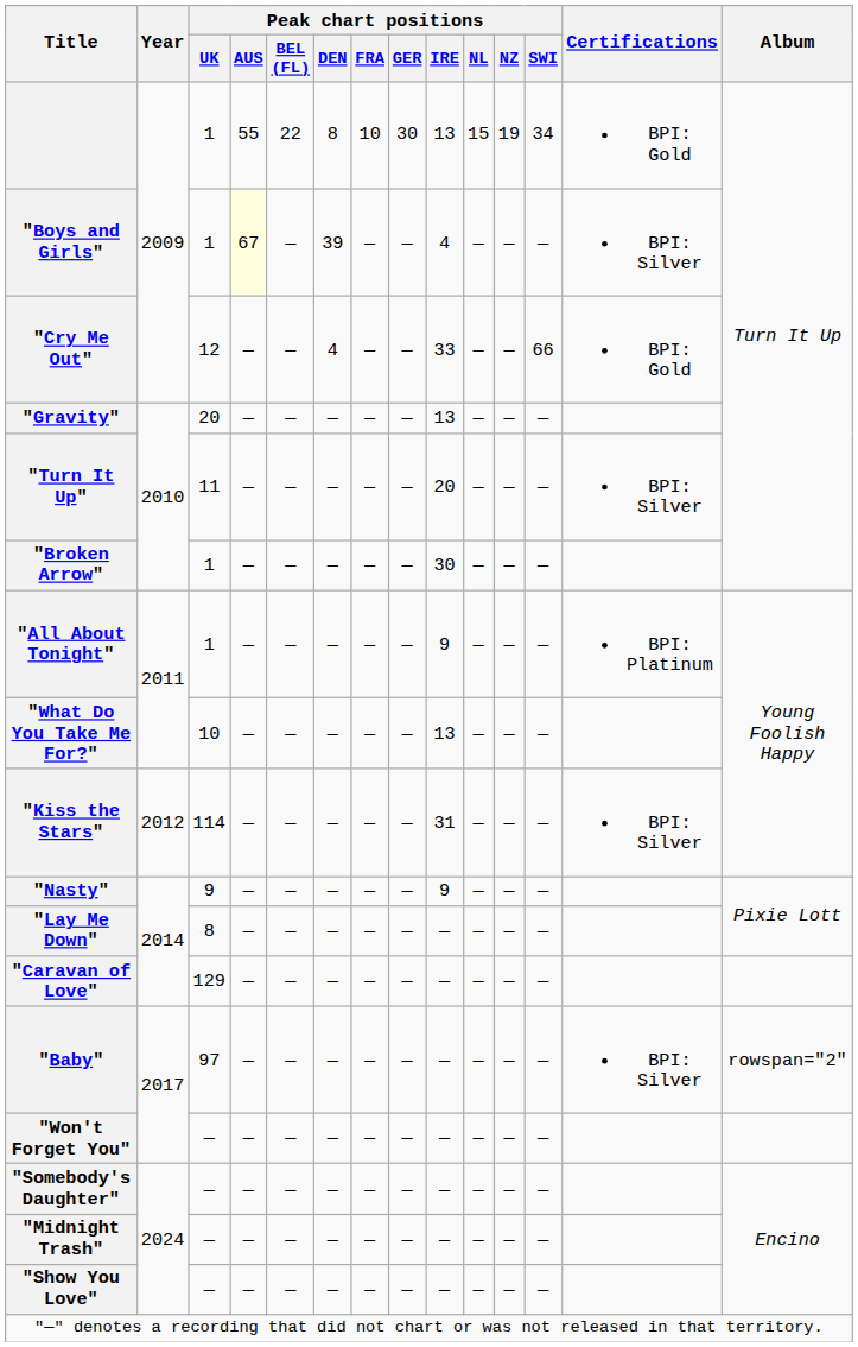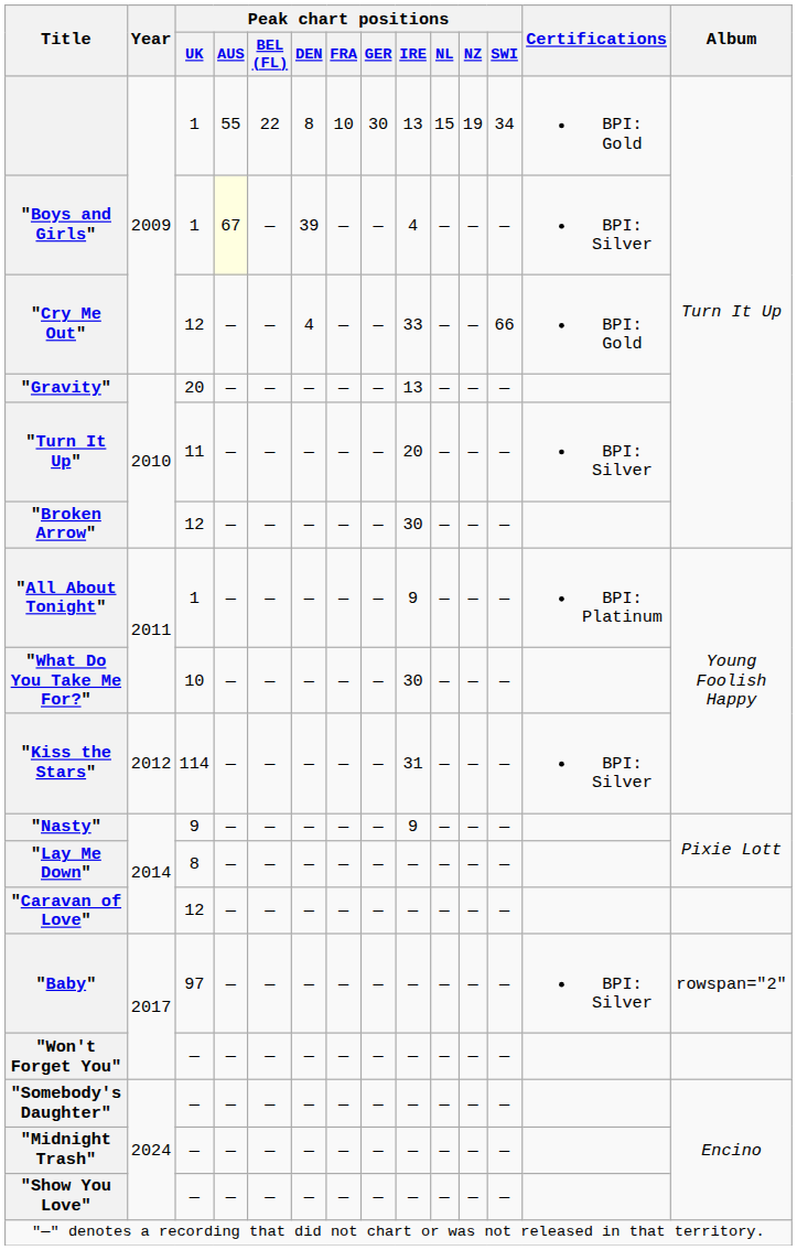 <table class="wikitable plainrowheaders" style="text-align:center">
 <tr>
 <th scope="col" rowspan="2" style="width:16em;">Title</th>
 <th scope="col" rowspan="2" style="width:1em;">Year</th>
 <th scope="col" colspan="10">Peak chart positions</th>
 <th scope="col" rowspan="2" style="width:10em;"><a href='#'>Certifications</a></th>
 <th scope="col" rowspan="2" style="width:12em;">Album</th>
 </tr>
 <tr>
 <th scope="col" style="width:2.5em;font-size:90%;"><a href='#'>UK</a><br></th>
 <th scope="col" style="width:2.5em;font-size:90%;"><a href='#'>AUS</a><br></th>
 <th scope="col" style="width:2.5em;font-size:90%;"><a href='#'>BEL<br>(FL)</a><br></th>
 <th scope="col" style="width:2.5em;font-size:90%;"><a href='#'>DEN</a><br></th>
 <th scope="col" style="width:2.5em;font-size:90%;"><a href='#'>FRA</a><br></th>
 <th scope="col" style="width:2.5em;font-size:90%;"><a href='#'>GER</a><br></th>
 <th scope="col" style="width:2.5em;font-size:90%;"><a href='#'>IRE</a><br></th>
 <th scope="col" style="width:2.5em;font-size:90%;"><a href='#'>NL</a><br></th>
 <th scope="col" style="width:2.5em;font-size:90%;"><a href='#'>NZ</a><br></th>
 <th scope="col" style="width:2.5em;font-size:90%;"><a href='#'>SWI</a><br></th>
 </tr>
 <tr>
 <th scope="row"></th>
 <td rowspan="3">2009</td>
 <td>1</td>
 <td>55</td>
 <td>22</td>
 <td>8</td>
 <td>10</td>
 <td>30</td>
 <td>13</td>
 <td>15</td>
 <td>19</td>
 <td>34</td>
 <td><br><ul><li>BPI: Gold</li></ul></td>
 <td rowspan="6"><em>Turn It Up</em></td>
 </tr>
 <tr>
 <th scope="row">"<a href='#'>Boys and Girls</a>"</th>
 <td>1</td>
 <td style="background: lightyellow;">67</td>
 <td>—</td>
 <td>39</td>
 <td>—</td>
 <td>—</td>
 <td>4</td>
 <td>—</td>
 <td>—</td>
 <td>—</td>
 <td><br><ul><li>BPI: Silver</li></ul></td>
 </tr>
 <tr>
 <th scope="row">"<a href='#'>Cry Me Out</a>"</th>
 <td>12</td>
 <td>—</td>
 <td>—</td>
 <td>4</td>
 <td>—</td>
 <td>—</td>
 <td>33</td>
 <td>—</td>
 <td>—</td>
 <td>66</td>
 <td><br><ul><li>BPI: Gold</li></ul></td>
 </tr>
 <tr>
 <th scope="row">"<a href='#'>Gravity</a>"</th>
 <td rowspan="3">2010</td>
 <td>20</td>
 <td>—</td>
 <td>—</td>
 <td>—</td>
 <td>—</td>
 <td>—</td>
 <td>13</td>
 <td>—</td>
 <td>—</td>
 <td>—</td>
 <td></td>
 </tr>
 <tr>
 <th scope="row">"<a href='#'>Turn It Up</a>"</th>
 <td>11</td>
 <td>—</td>
 <td>—</td>
 <td>—</td>
 <td>—</td>
 <td>—</td>
 <td>20</td>
 <td>—</td>
 <td>—</td>
 <td>—</td>
 <td><br><ul><li>BPI: Silver</li></ul></td>
 </tr>
 <tr>
 <th scope="row">"<a href='#'>Broken Arrow</a>"</th>
-<td>1</td>
+<td>12</td>
 <td>—</td>
 <td>—</td>
 <td>—</td>
 <td>—</td>
 <td>—</td>
 <td>30</td>
 <td>—</td>
 <td>—</td>
 <td>—</td>
 <td></td>
 </tr>
 <tr>
 <th scope="row">"<a href='#'>All About Tonight</a>"</th>
 <td rowspan="2">2011</td>
 <td>1</td>
 <td>—</td>
 <td>—</td>
 <td>—</td>
 <td>—</td>
 <td>—</td>
 <td>9</td>
 <td>—</td>
 <td>—</td>
 <td>—</td>
 <td><br><ul><li>BPI: Platinum</li></ul></td>
 <td rowspan="3"><em>Young Foolish Happy</em></td>
 </tr>
 <tr>
 <th scope="row">"<a href='#'>What Do You Take Me For?</a>"<br></th>
 <td>10</td>
 <td>—</td>
 <td>—</td>
 <td>—</td>
 <td>—</td>
 <td>—</td>
-<td>13</td>
+<td>30</td>
 <td>—</td>
 <td>—</td>
 <td>—</td>
 <td></td>
 </tr>
 <tr>
 <th scope="row">"<a href='#'>Kiss the Stars</a>"</th>
 <td>2012</td>
 <td>114</td>
 <td>—</td>
 <td>—</td>
 <td>—</td>
 <td>—</td>
 <td>—</td>
 <td>31</td>
 <td>—</td>
 <td>—</td>
 <td>—</td>
 <td><br><ul><li>BPI: Silver</li></ul></td>
 </tr>
 <tr>
 <th scope="row">"<a href='#'>Nasty</a>"</th>
 <td rowspan="3">2014</td>
 <td>9</td>
 <td>—</td>
 <td>—</td>
 <td>—</td>
 <td>—</td>
 <td>—</td>
 <td>9</td>
 <td>—</td>
 <td>—</td>
 <td>—</td>
 <td></td>
 <td rowspan="2"><em>Pixie Lott</em></td>
 </tr>
 <tr>
 <th scope="row">"<a href='#'>Lay Me Down</a>"</th>
 <td>8</td>
 <td>—</td>
 <td>—</td>
 <td>—</td>
 <td>—</td>
 <td>—</td>
 <td>—</td>
 <td>—</td>
 <td>—</td>
 <td>—</td>
 <td></td>
 </tr>
 <tr>
 <th scope="row">"<a href='#'>Caravan of Love</a>"</th>
-<td>129</td>
+<td>12</td>
 <td>—</td>
 <td>—</td>
 <td>—</td>
 <td>—</td>
 <td>—</td>
 <td>—</td>
 <td>—</td>
 <td>—</td>
 <td>—</td>
 <td></td>
 <td></td>
 </tr>
 <tr>
 <th scope="row">"<a href='#'>Baby</a>"<br></th>
 <td rowspan="2">2017</td>
 <td>97</td>
 <td>—</td>
 <td>—</td>
 <td>—</td>
 <td>—</td>
 <td>—</td>
 <td>—</td>
 <td>—</td>
 <td>—</td>
 <td>—</td>
 <td><br><ul><li>BPI: Silver</li></ul></td>
 <td>rowspan="2" </td>
 </tr>
 <tr>
 <th scope="row">"Won't Forget You"<br></th>
 <td>—</td>
 <td>—</td>
 <td>—</td>
 <td>—</td>
 <td>—</td>
 <td>—</td>
 <td>—</td>
 <td>—</td>
 <td>—</td>
 <td>—</td>
 <td></td>
 </tr>
 <tr>
 <th scope="row">"Somebody's Daughter"</th>
 <td rowspan="3">2024</td>
 <td>—</td>
 <td>—</td>
 <td>—</td>
 <td>—</td>
 <td>—</td>
 <td>—</td>
 <td>—</td>
 <td>—</td>
 <td>—</td>
 <td>—</td>
 <td></td>
 <td rowspan="3"><em>Encino</em></td>
 </tr>
 <tr>
 <th scope="row">"Midnight Trash"</th>
 <td>—</td>
 <td>—</td>
 <td>—</td>
 <td>—</td>
 <td>—</td>
 <td>—</td>
 <td>—</td>
 <td>—</td>
 <td>—</td>
 <td>—</td>
 <td></td>
 </tr>
 <tr>
 <th scope="row">"Show You Love"</th>
 <td>—</td>
 <td>—</td>
 <td>—</td>
 <td>—</td>
 <td>—</td>
 <td>—</td>
 <td>—</td>
 <td>—</td>
 <td>—</td>
 <td>—</td>
 <td></td>
 </tr>
 <tr>
 <td colspan="20" style="font-size:90%">"—" denotes a recording that did not chart or was not released in that territory.</td>
 </tr>
 </table>
